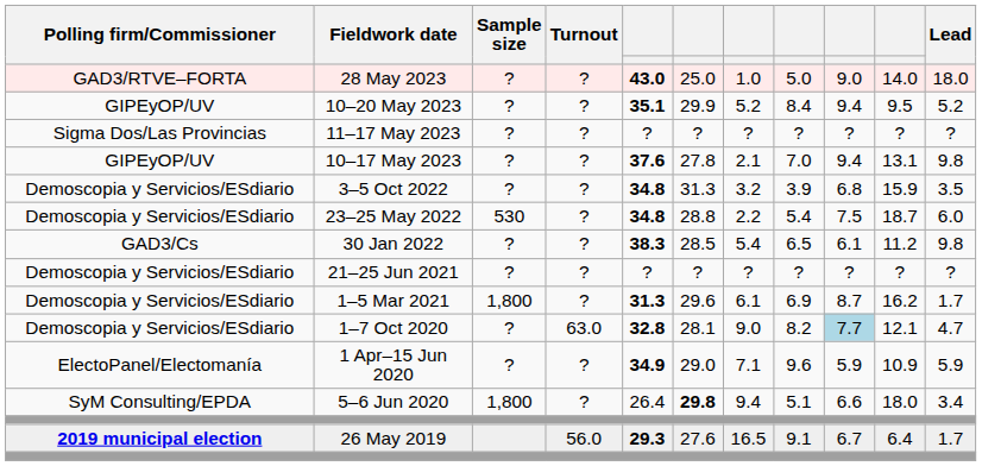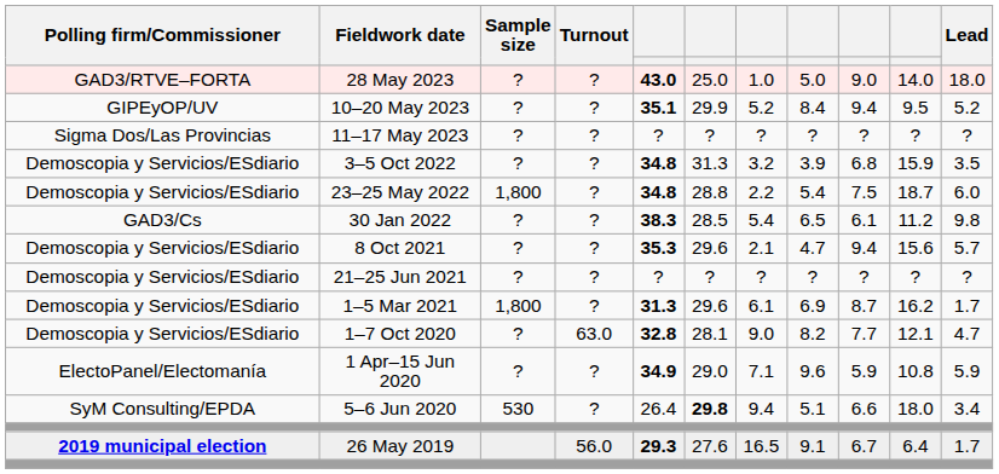 <table class="wikitable collapsible collapsed" style="text-align:center; font-size:95%; line-height:16px;">
 <tr style="height:42px;">
 <th style="width:250px;" rowspan="2">Polling firm/Commissioner</th>
 <th style="width:125px;" rowspan="2">Fieldwork date</th>
 <th style="width:50px;" rowspan="2">Sample size</th>
 <th style="width:45px;" rowspan="2">Turnout</th>
 <th style="width:35px;"></th>
 <th style="width:35px;"></th>
 <th style="width:35px;"></th>
 <th style="width:35px;"></th>
 <th style="width:35px;"></th>
 <th style="width:35px;"></th>
 <th style="width:30px;" rowspan="2">Lead</th>
 </tr>
 <tr>
 <th style="color:inherit;background:"></th>
 <th style="color:inherit;background:"></th>
 <th style="color:inherit;background:"></th>
 <th style="color:inherit;background:"></th>
 <th style="color:inherit;background:"></th>
 <th style="color:inherit;background:"></th>
 </tr>
 <tr style="background:#FFEAEA;">
 <td>GAD3/RTVE–FORTA</td>
 <td>28 May 2023</td>
 <td>?</td>
 <td>?</td>
 <td><strong>43.0</strong><br></td>
 <td>25.0<br></td>
 <td>1.0<br></td>
 <td>5.0<br></td>
 <td>9.0<br></td>
 <td>14.0<br></td>
 <td style="background:">18.0</td>
 </tr>
 <tr>
 <td>GIPEyOP/UV</td>
 <td>10–20 May 2023</td>
 <td>?</td>
 <td>?</td>
 <td><strong>35.1</strong><br></td>
 <td>29.9<br></td>
 <td>5.2<br></td>
 <td>8.4<br></td>
 <td>9.4<br></td>
 <td>9.5<br></td>
 <td style="background:">5.2</td>
 </tr>
 <tr>
 <td>Sigma Dos/Las Provincias</td>
 <td>11–17 May 2023</td>
 <td>?</td>
 <td>?</td>
 <td>?<br></td>
 <td>?<br></td>
 <td>?<br></td>
 <td>?<br></td>
 <td>?<br></td>
 <td>?<br></td>
 <td style="background:">?</td>
 </tr>
 <tr>
-<td>GIPEyOP/UV</td>
-<td>10–17 May 2023</td>
-<td>?</td>
-<td>?</td>
-<td><strong>37.6</strong><br></td>
-<td>27.8<br></td>
-<td>2.1<br></td>
-<td>7.0<br></td>
-<td>9.4<br></td>
-<td>13.1<br></td>
-<td style="background:">9.8</td>
-</tr>
-<tr>
 <td>Demoscopia y Servicios/ESdiario</td>
 <td>3–5 Oct 2022</td>
 <td>?</td>
 <td>?</td>
 <td><strong>34.8</strong><br></td>
 <td>31.3<br></td>
 <td>3.2<br></td>
 <td>3.9<br></td>
 <td>6.8<br></td>
 <td>15.9<br></td>
 <td style="background:">3.5</td>
 </tr>
 <tr>
 <td>Demoscopia y Servicios/ESdiario</td>
 <td>23–25 May 2022</td>
-<td>530</td>
+<td>1,800</td>
 <td>?</td>
 <td><strong>34.8</strong><br></td>
 <td>28.8<br></td>
 <td>2.2<br></td>
 <td>5.4<br></td>
 <td>7.5<br></td>
 <td>18.7<br></td>
 <td style="background:">6.0</td>
 </tr>
 <tr>
 <td>GAD3/Cs</td>
 <td>30 Jan 2022</td>
 <td>?</td>
 <td>?</td>
 <td><strong>38.3</strong><br></td>
 <td>28.5<br></td>
 <td>5.4<br></td>
 <td>6.5<br></td>
 <td>6.1<br></td>
 <td>11.2<br></td>
 <td style="background:">9.8</td>
+</tr>
+<tr>
+<td>Demoscopia y Servicios/ESdiario</td>
+<td>8 Oct 2021</td>
+<td>?</td>
+<td>?</td>
+<td><strong>35.3</strong><br></td>
+<td>29.6<br></td>
+<td>2.1<br></td>
+<td>4.7<br></td>
+<td>9.4<br></td>
+<td>15.6<br></td>
+<td style="background:">5.7</td>
 </tr>
 <tr>
 <td>Demoscopia y Servicios/ESdiario</td>
 <td>21–25 Jun 2021</td>
 <td>?</td>
 <td>?</td>
 <td>?<br></td>
 <td>?<br></td>
 <td>?<br></td>
 <td>?<br></td>
 <td>?<br></td>
 <td>?<br></td>
 <td style="background:">?</td>
 </tr>
 <tr>
 <td>Demoscopia y Servicios/ESdiario</td>
 <td>1–5 Mar 2021</td>
 <td>1,800</td>
 <td>?</td>
 <td><strong>31.3</strong><br></td>
 <td>29.6<br></td>
 <td>6.1<br></td>
 <td>6.9<br></td>
 <td>8.7<br></td>
 <td>16.2<br></td>
 <td style="background:">1.7</td>
 </tr>
 <tr>
 <td>Demoscopia y Servicios/ESdiario</td>
 <td>1–7 Oct 2020</td>
 <td>?</td>
 <td>63.0</td>
 <td><strong>32.8</strong><br></td>
 <td>28.1<br></td>
 <td>9.0<br></td>
 <td>8.2<br></td>
-<td style="background: lightblue;">7.7<br></td>
+<td>7.7<br></td>
 <td>12.1<br></td>
 <td style="background:">4.7</td>
 </tr>
 <tr>
 <td>ElectoPanel/Electomanía</td>
 <td>1 Apr–15 Jun 2020</td>
 <td>?</td>
 <td>?</td>
 <td><strong>34.9</strong><br></td>
 <td>29.0<br></td>
 <td>7.1<br></td>
 <td>9.6<br></td>
 <td>5.9<br></td>
-<td>10.9<br></td>
+<td>10.8<br></td>
 <td style="background:">5.9</td>
 </tr>
 <tr>
 <td>SyM Consulting/EPDA</td>
 <td>5–6 Jun 2020</td>
-<td>1,800</td>
+<td>530</td>
 <td>?</td>
 <td>26.4<br></td>
 <td><strong>29.8</strong><br></td>
 <td>9.4<br></td>
 <td>5.1<br></td>
 <td>6.6<br></td>
 <td>18.0<br></td>
 <td style="background:">3.4</td>
 </tr>
 <tr>
 <td colspan="11" style="background:#A0A0A0"></td>
 </tr>
 <tr style="background:#EFEFEF;">
 <td><strong><a href='#'>2019 municipal election</a></strong></td>
 <td>26 May 2019</td>
 <td></td>
 <td>56.0</td>
 <td><strong>29.3</strong><br></td>
 <td>27.6<br></td>
 <td>16.5<br></td>
 <td>9.1<br></td>
 <td>6.7<br></td>
 <td>6.4<br></td>
 <td style="background:">1.7</td>
 </tr>
 <tr>
 <td colspan="11" style="background:#A0A0A0"></td>
 </tr>
 </table>
